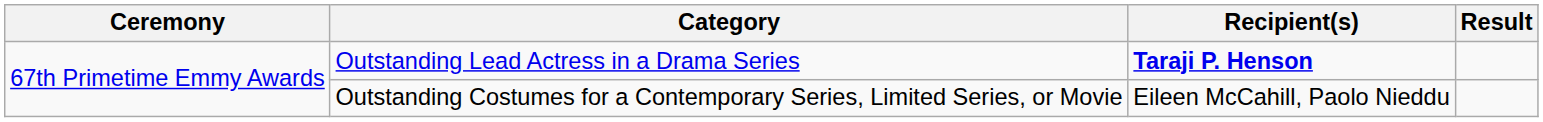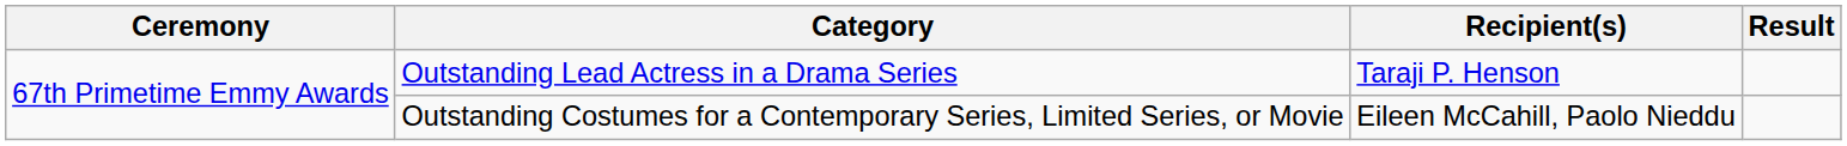 <table class="wikitable plainrowheaders sortable">
 <tr style="vertical-align:bottom;">
 <th scope="col">Ceremony</th>
 <th scope="col">Category</th>
 <th scope="col">Recipient(s)</th>
 <th scope="col">Result</th>
 </tr>
 <tr>
 <td rowspan=2><a href='#'>67th Primetime Emmy Awards</a></td>
 <td><a href='#'>Outstanding Lead Actress in a Drama Series</a></td>
-<td><strong><a href='#'>Taraji P. Henson</a></strong></td>
+<td><a href='#'>Taraji P. Henson</a></td>
 <td></td>
 </tr>
 <tr>
 <td>Outstanding Costumes for a Contemporary Series, Limited Series, or Movie</td>
 <td>Eileen McCahill, Paolo Nieddu</td>
 <td></td>
 </tr>
 </table>
